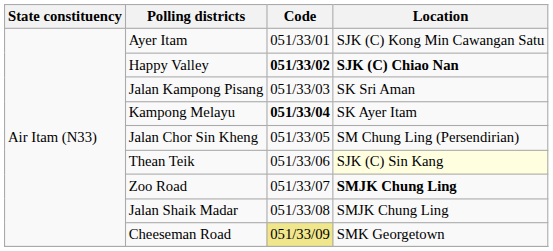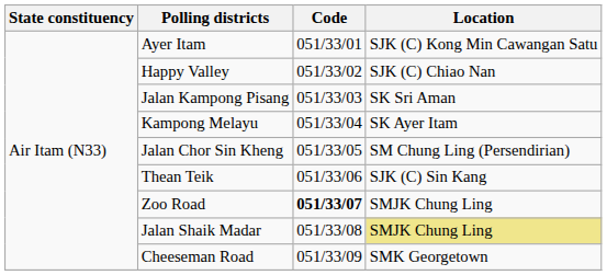 <table class="wikitable sortable mw-collapsible" style="white-space:nowrap;font-size:85%">
 <tr>
 <th>State constituency</th>
 <th>Polling districts</th>
 <th>Code</th>
 <th>Location</th>
 </tr>
 <tr>
 <td rowspan="9">Air Itam (N33)</td>
 <td>Ayer Itam</td>
 <td>051/33/01</td>
 <td>SJK (C) Kong Min Cawangan Satu</td>
 </tr>
 <tr>
 <td>Happy Valley</td>
-<td><strong>051/33/02</strong></td>
-<td><strong>SJK (C) Chiao Nan</strong></td>
+<td>051/33/02</td>
+<td>SJK (C) Chiao Nan</td>
 </tr>
 <tr>
 <td>Jalan Kampong Pisang</td>
 <td>051/33/03</td>
 <td>SK Sri Aman</td>
 </tr>
 <tr>
 <td>Kampong Melayu</td>
-<td><strong>051/33/04</strong></td>
+<td>051/33/04</td>
 <td>SK Ayer Itam</td>
 </tr>
 <tr>
 <td>Jalan Chor Sin Kheng</td>
 <td>051/33/05</td>
 <td>SM Chung Ling (Persendirian)</td>
 </tr>
 <tr>
 <td>Thean Teik</td>
 <td>051/33/06</td>
-<td style="background: lightyellow;">SJK (C) Sin Kang</td>
+<td>SJK (C) Sin Kang</td>
 </tr>
 <tr>
 <td>Zoo Road</td>
-<td>051/33/07</td>
-<td><strong>SMJK Chung Ling</strong></td>
+<td><strong>051/33/07</strong></td>
+<td>SMJK Chung Ling</td>
 </tr>
 <tr>
 <td>Jalan Shaik Madar</td>
 <td>051/33/08</td>
-<td>SMJK Chung Ling</td>
+<td style="background: khaki;">SMJK Chung Ling</td>
 </tr>
 <tr>
 <td>Cheeseman Road</td>
-<td style="background: khaki;">051/33/09</td>
+<td>051/33/09</td>
 <td>SMK Georgetown</td>
 </tr>
 <tr>
 </tr>
 </table>
